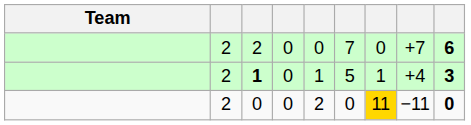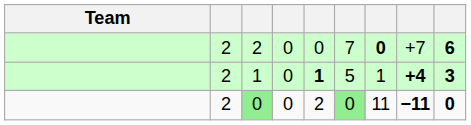 <table class="wikitable" style="text-align: center;">
 <tr>
 <th width=175>Team</th>
 <th width=20></th>
 <th width=20></th>
 <th width=20></th>
 <th width=20></th>
 <th width=20></th>
 <th width=20></th>
 <th width=20></th>
 <th width=20></th>
 </tr>
 <tr style="background:#cfc;">
 <td style="text-align:left;"></td>
 <td>2</td>
 <td>2</td>
 <td>0</td>
 <td>0</td>
 <td>7</td>
-<td>0</td>
+<td><strong>0</strong></td>
 <td>+7</td>
 <td><strong>6</strong></td>
 </tr>
 <tr style="background:#cfc;">
 <td style="text-align:left;"></td>
 <td>2</td>
+<td>1</td>
+<td>0</td>
 <td><strong>1</strong></td>
-<td>0</td>
-<td>1</td>
 <td>5</td>
 <td>1</td>
-<td>+4</td>
+<td><strong>+4</strong></td>
 <td><strong>3</strong></td>
 </tr>
 <tr>
 <td style="text-align:left;"></td>
 <td>2</td>
-<td>0</td>
+<td style="background: lightgreen;">0</td>
 <td>0</td>
 <td>2</td>
-<td>0</td>
-<td style="background: gold;">11</td>
-<td>−11</td>
+<td style="background: lightgreen;">0</td>
+<td>11</td>
+<td><strong>−11</strong></td>
 <td><strong>0</strong></td>
 </tr>
 </table>
